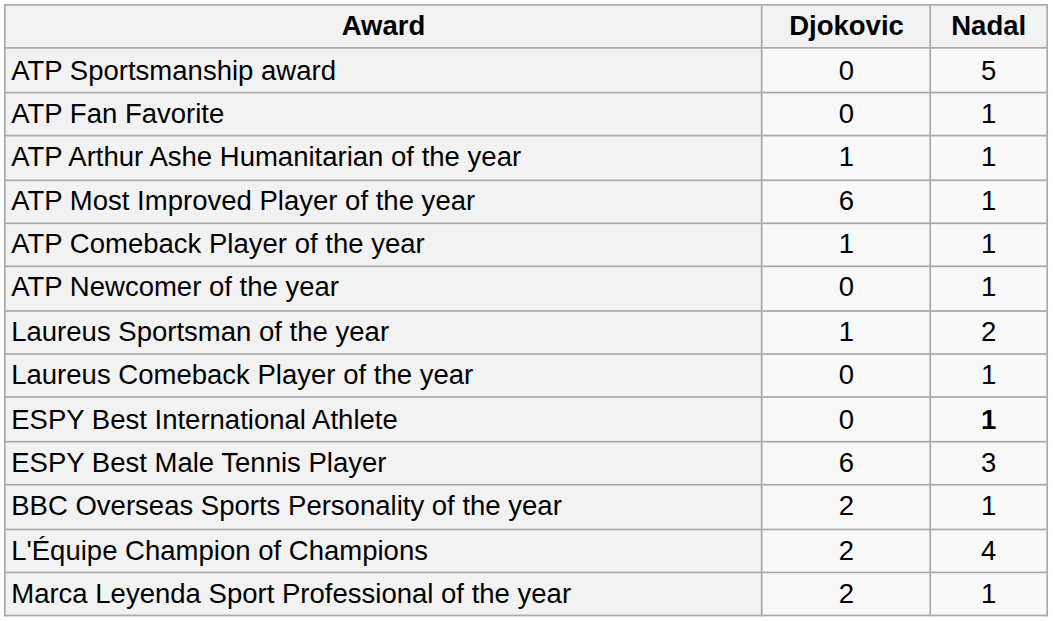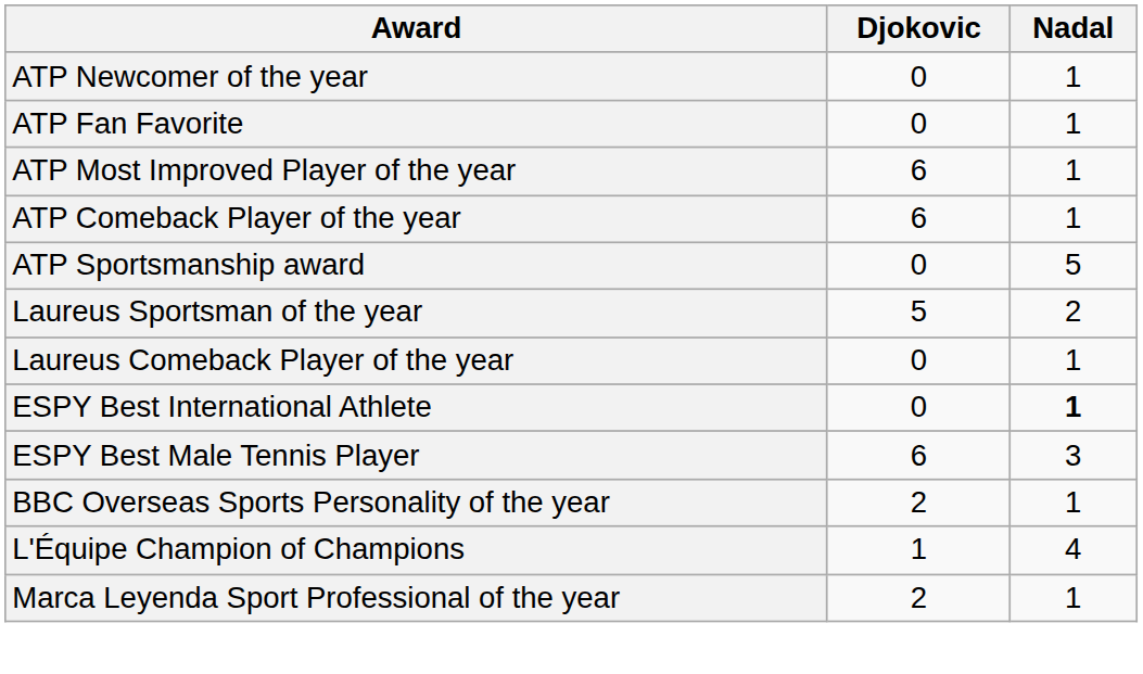 <table class=wikitable style="width:48%; vertical-align:top; text-align:center;">
 <tr>
 <th>Award</th>
 <th>Djokovic</th>
 <th>Nadal</th>
 </tr>
 <tr>
-<td style="background:#F2F2F2; text-align: left;">ATP Sportsmanship award</td>
+<td style="background:#F2F2F2; text-align: left;">ATP Newcomer of the year</td>
 <td>0</td>
-<td>5</td>
+<td>1</td>
 </tr>
 <tr>
 <td style="background:#F2F2F2; text-align: left;">ATP Fan Favorite</td>
 <td>0</td>
-<td>1</td>
-</tr>
-<tr>
-<td style="background:#F2F2F2; text-align: left;">ATP Arthur Ashe Humanitarian of the year</td>
-<td>1</td>
 <td>1</td>
 </tr>
 <tr>
 <td style="background:#F2F2F2; text-align: left;">ATP Most Improved Player of the year</td>
 <td>6</td>
 <td>1</td>
 </tr>
 <tr>
 <td style="background:#F2F2F2; text-align: left;">ATP Comeback Player of the year</td>
-<td>1</td>
+<td>6</td>
 <td>1</td>
 </tr>
 <tr>
-<td style="background:#F2F2F2; text-align: left;">ATP Newcomer of the year</td>
+<td style="background:#F2F2F2; text-align: left;">ATP Sportsmanship award</td>
 <td>0</td>
-<td>1</td>
+<td>5</td>
 </tr>
 <tr>
 <td style="background:#F2F2F2; text-align: left;">Laureus Sportsman of the year</td>
-<td>1</td>
+<td>5</td>
 <td>2</td>
 </tr>
 <tr>
 <td style="background:#F2F2F2; text-align: left;">Laureus Comeback Player of the year</td>
 <td>0</td>
 <td>1</td>
 </tr>
 <tr>
 <td style="background:#F2F2F2; text-align: left;">ESPY Best International Athlete</td>
 <td>0</td>
 <td><strong>1</strong></td>
 </tr>
 <tr>
 <td style="background:#F2F2F2; text-align: left;">ESPY Best Male Tennis Player</td>
 <td>6</td>
 <td>3</td>
 </tr>
 <tr>
 <td style="background:#F2F2F2; text-align: left;">BBC Overseas Sports Personality of the year</td>
 <td>2</td>
 <td>1</td>
 </tr>
 <tr>
 <td style="background:#F2F2F2; text-align: left;">L'Équipe Champion of Champions</td>
-<td>2</td>
+<td>1</td>
 <td>4</td>
 </tr>
 <tr>
 <td style="background:#F2F2F2; text-align: left;">Marca Leyenda Sport Professional of the year</td>
 <td>2</td>
 <td>1</td>
 </tr>
 </table>
